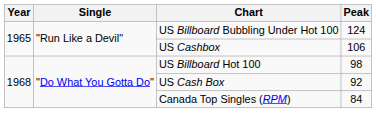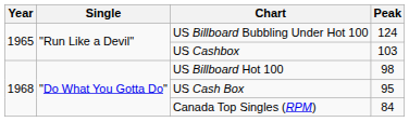 <table class="wikitable">
 <tr>
 <th>Year</th>
 <th>Single</th>
 <th>Chart</th>
 <th>Peak</th>
 </tr>
 <tr>
 <td rowspan="2">1965</td>
 <td rowspan="2">"Run Like a Devil"</td>
 <td>US <em>Billboard</em> Bubbling Under Hot 100</td>
 <td align="center">124</td>
 </tr>
 <tr>
 <td>US <em>Cashbox</em></td>
-<td align="center">106</td>
+<td align="center">103</td>
 </tr>
 <tr>
 <td rowspan="3">1968</td>
 <td rowspan="3">"<a href='#'>Do What You Gotta Do</a>"</td>
 <td>US <em>Billboard</em> Hot 100</td>
 <td align="center">98</td>
 </tr>
 <tr>
 <td>US <em>Cash Box</em></td>
-<td align="center">92</td>
+<td align="center">95</td>
 </tr>
 <tr>
 <td>Canada Top Singles (<a href='#'><em>RPM</em></a>)</td>
 <td align="center">84</td>
 </tr>
 </table>
